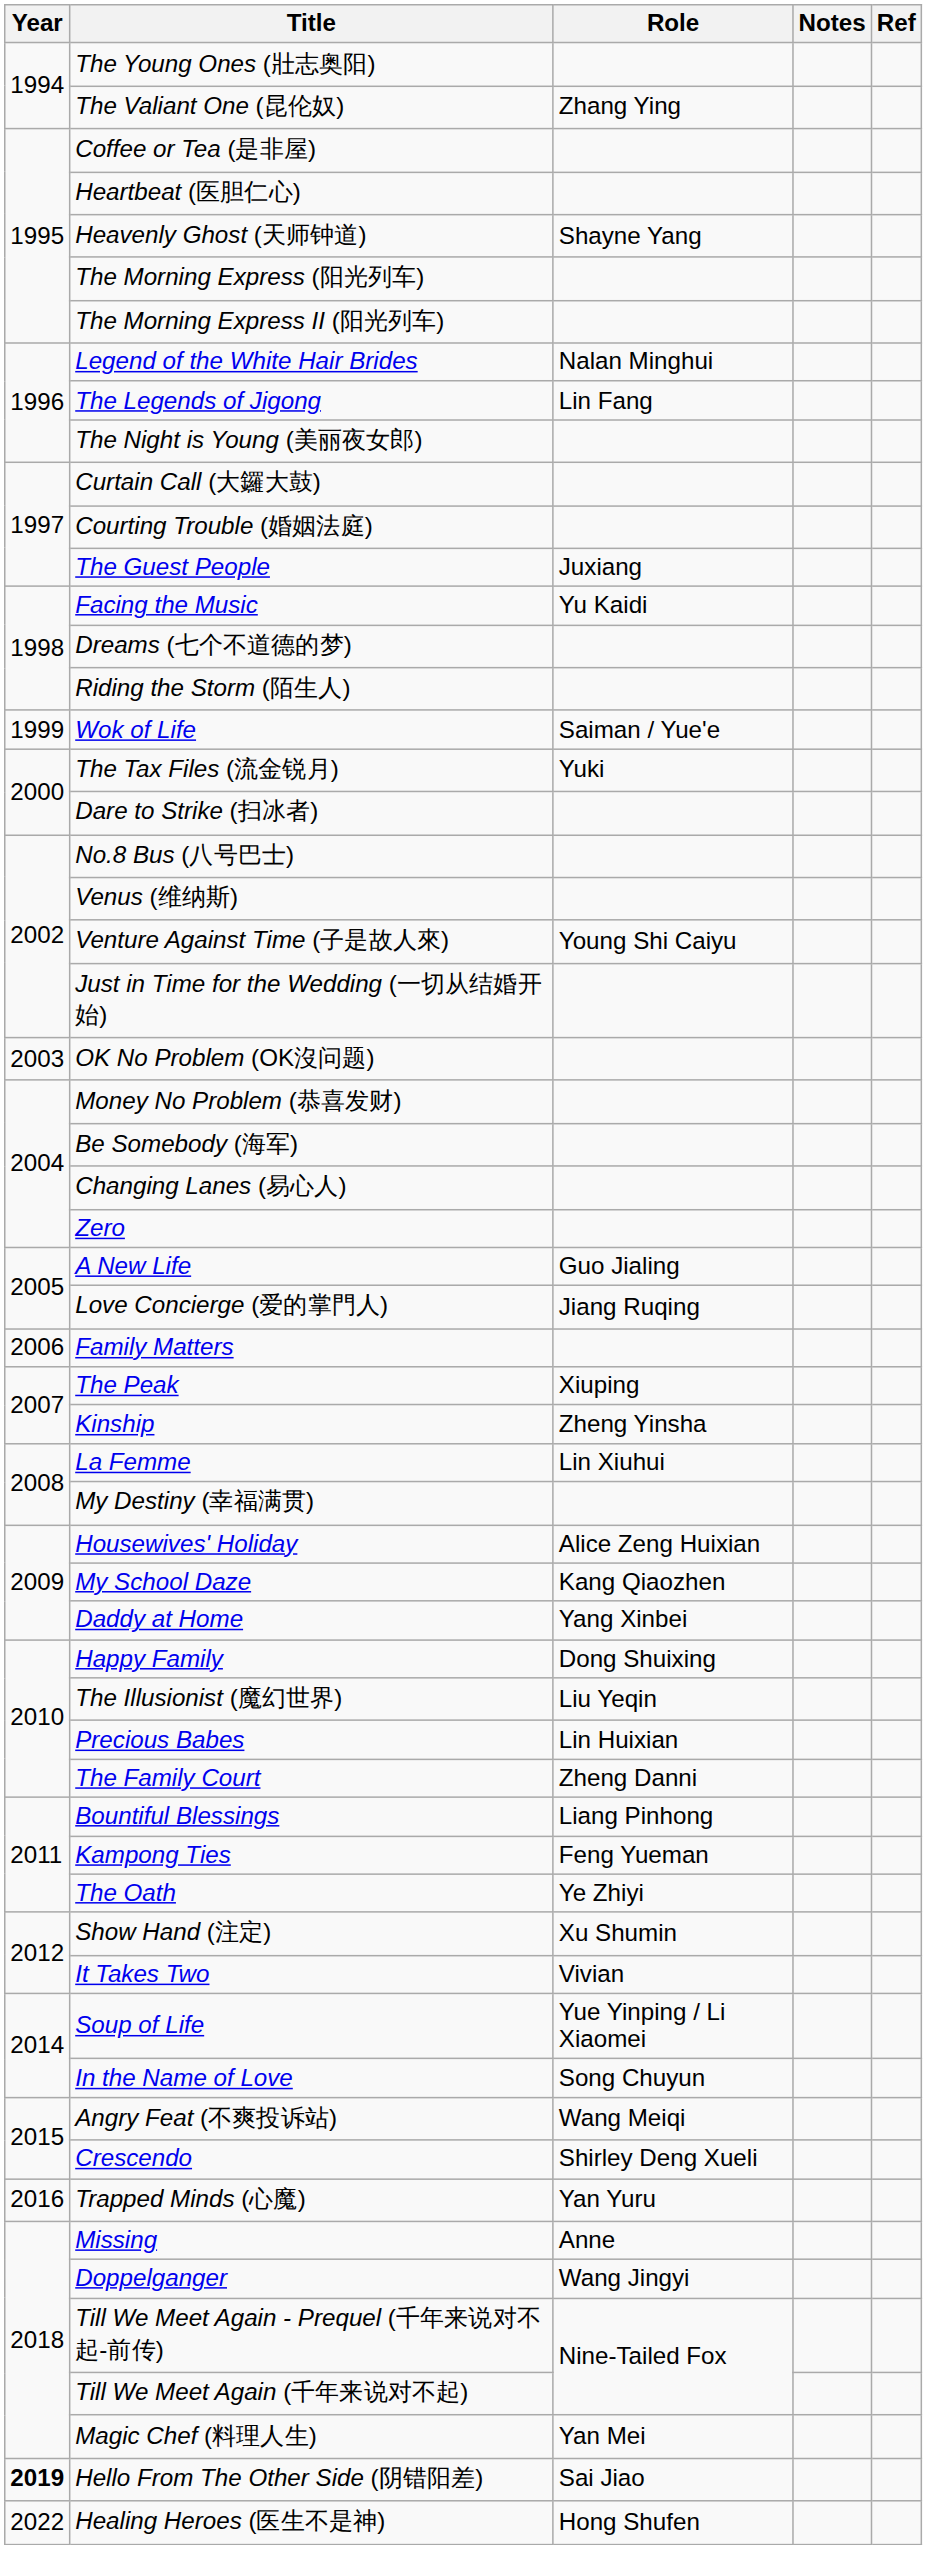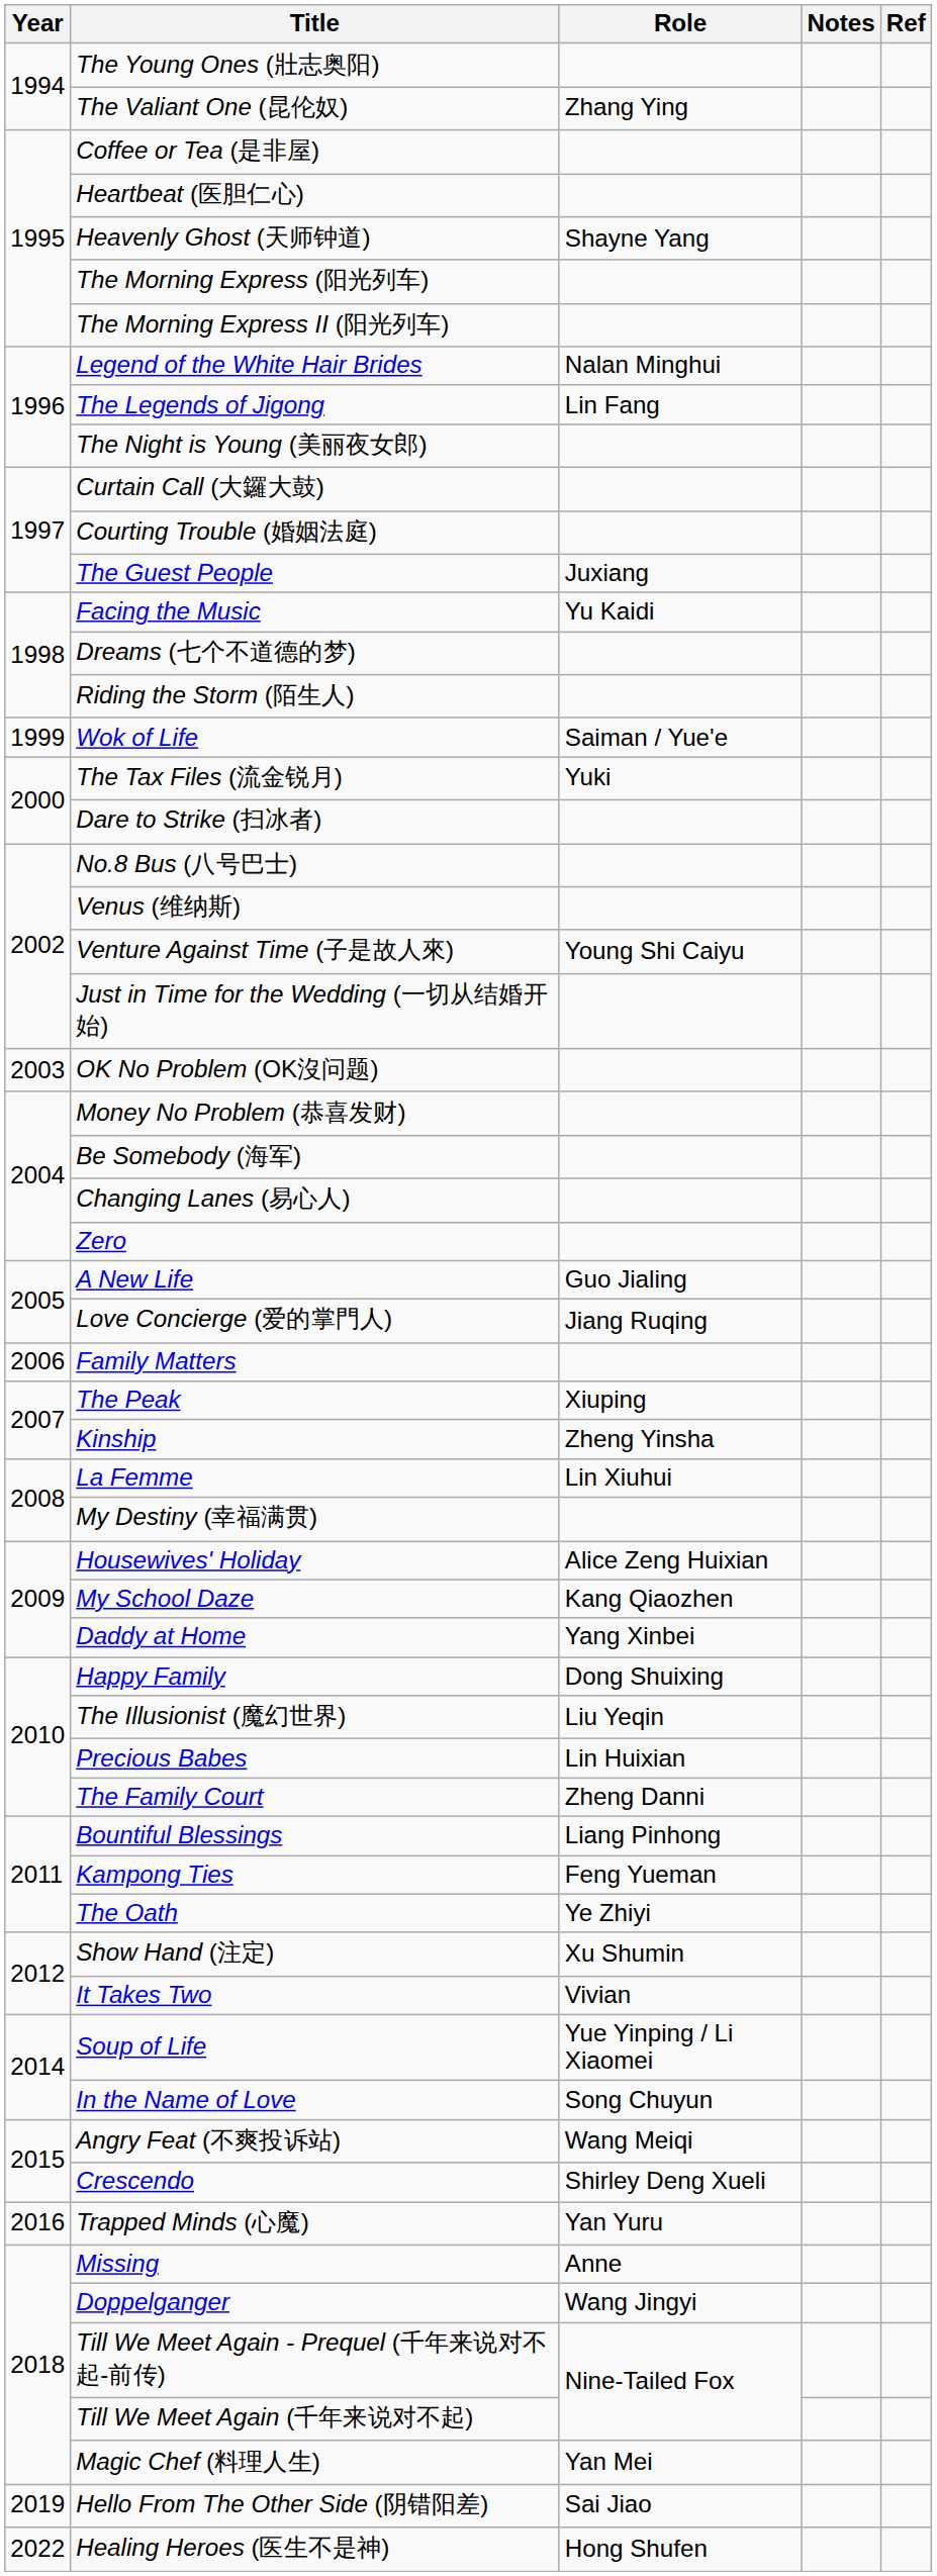 <table class="wikitable sortable">
 <tr>
 <th>Year</th>
 <th>Title</th>
 <th>Role</th>
 <th class="unsortable">Notes</th>
 <th class="unsortable">Ref</th>
 </tr>
 <tr>
 <td rowspan="2">1994</td>
 <td><em>The Young Ones</em> (壯志奥阳)</td>
 <td></td>
 <td></td>
 <td></td>
 </tr>
 <tr>
 <td><em>The Valiant One</em> (昆伦奴)</td>
 <td>Zhang Ying</td>
 <td></td>
 <td></td>
 </tr>
 <tr>
 <td rowspan="5">1995</td>
 <td><em>Coffee or Tea</em> (是非屋)</td>
 <td></td>
 <td></td>
 <td></td>
 </tr>
 <tr>
 <td><em>Heartbeat</em> (医胆仁心)</td>
 <td></td>
 <td></td>
 <td></td>
 </tr>
 <tr>
 <td><em>Heavenly Ghost</em> (天师钟道)</td>
 <td>Shayne Yang</td>
 <td></td>
 <td></td>
 </tr>
 <tr>
 <td><em>The Morning Express</em> (阳光列车)</td>
 <td></td>
 <td></td>
 <td></td>
 </tr>
 <tr>
 <td><em>The Morning Express II</em> (阳光列车)</td>
 <td></td>
 <td></td>
 <td></td>
 </tr>
 <tr>
 <td rowspan="3">1996</td>
 <td><em><a href='#'>Legend of the White Hair Brides</a></em></td>
 <td>Nalan Minghui</td>
 <td></td>
 <td></td>
 </tr>
 <tr>
 <td><em><a href='#'>The Legends of Jigong</a></em></td>
 <td>Lin Fang</td>
 <td></td>
 <td></td>
 </tr>
 <tr>
 <td><em>The Night is Young</em> (美丽夜女郎)</td>
 <td></td>
 <td></td>
 <td></td>
 </tr>
 <tr>
 <td rowspan="3">1997</td>
 <td><em>Curtain Call</em> (大鑼大鼓)</td>
 <td></td>
 <td></td>
 <td></td>
 </tr>
 <tr>
 <td><em>Courting Trouble</em> (婚姻法庭)</td>
 <td></td>
 <td></td>
 <td></td>
 </tr>
 <tr>
 <td><em><a href='#'>The Guest People</a></em></td>
 <td>Juxiang</td>
 <td></td>
 <td></td>
 </tr>
 <tr>
 <td rowspan="3">1998</td>
 <td><em><a href='#'>Facing the Music</a></em></td>
 <td>Yu Kaidi</td>
 <td></td>
 <td></td>
 </tr>
 <tr>
 <td><em>Dreams</em> (七个不道德的梦)</td>
 <td></td>
 <td></td>
 <td></td>
 </tr>
 <tr>
 <td><em>Riding the Storm</em> (陌生人)</td>
 <td></td>
 <td></td>
 <td></td>
 </tr>
 <tr>
 <td>1999</td>
 <td><em><a href='#'>Wok of Life</a></em></td>
 <td>Saiman / Yue'e</td>
 <td></td>
 <td></td>
 </tr>
 <tr>
 <td rowspan="2">2000</td>
 <td><em>The Tax Files</em> (流金锐月)</td>
 <td>Yuki</td>
 <td></td>
 <td></td>
 </tr>
 <tr>
 <td><em>Dare to Strike</em> (扫冰者)</td>
 <td></td>
 <td></td>
 <td></td>
 </tr>
 <tr>
 <td rowspan="4">2002</td>
 <td><em>No.8 Bus</em> (八号巴士)</td>
 <td></td>
 <td></td>
 <td></td>
 </tr>
 <tr>
 <td><em>Venus</em> (维纳斯)</td>
 <td></td>
 <td></td>
 <td></td>
 </tr>
 <tr>
 <td><em>Venture Against Time</em> (子是故人來)</td>
 <td>Young Shi Caiyu</td>
 <td></td>
 <td></td>
 </tr>
 <tr>
 <td><em>Just in Time for the Wedding</em> (一切从结婚开始)</td>
 <td></td>
 <td></td>
 <td></td>
 </tr>
 <tr>
 <td>2003</td>
 <td><em>OK No Problem</em> (OK沒问题)</td>
 <td></td>
 <td></td>
 <td></td>
 </tr>
 <tr>
 <td rowspan="4">2004</td>
 <td><em>Money No Problem</em> (恭喜发财)</td>
 <td></td>
 <td></td>
 <td></td>
 </tr>
 <tr>
 <td><em>Be Somebody</em> (海军)</td>
 <td></td>
 <td></td>
 <td></td>
 </tr>
 <tr>
 <td><em>Changing Lanes</em> (易心人)</td>
 <td></td>
 <td></td>
 <td></td>
 </tr>
 <tr>
 <td><em><a href='#'>Zero</a></em></td>
 <td></td>
 <td></td>
 <td></td>
 </tr>
 <tr>
 <td rowspan="2">2005</td>
 <td><em><a href='#'>A New Life</a></em></td>
 <td>Guo Jialing</td>
 <td></td>
 <td></td>
 </tr>
 <tr>
 <td><em>Love Concierge</em> (爱的掌門人)</td>
 <td>Jiang Ruqing</td>
 <td></td>
 <td></td>
 </tr>
 <tr>
 <td>2006</td>
 <td><em><a href='#'>Family Matters</a></em></td>
 <td></td>
 <td></td>
 <td></td>
 </tr>
 <tr>
 <td rowspan="2">2007</td>
 <td><em><a href='#'>The Peak</a></em></td>
 <td>Xiuping</td>
 <td></td>
 <td></td>
 </tr>
 <tr>
 <td><em><a href='#'>Kinship</a></em></td>
 <td>Zheng Yinsha</td>
 <td></td>
 <td></td>
 </tr>
 <tr>
 <td rowspan="2">2008</td>
 <td><em><a href='#'>La Femme</a></em></td>
 <td>Lin Xiuhui</td>
 <td></td>
 <td></td>
 </tr>
 <tr>
 <td><em>My Destiny</em> (幸福满贯)</td>
 <td></td>
 <td></td>
 <td></td>
 </tr>
 <tr>
 <td rowspan="3">2009</td>
 <td><em><a href='#'>Housewives' Holiday</a></em></td>
 <td>Alice Zeng Huixian</td>
 <td></td>
 <td></td>
 </tr>
 <tr>
 <td><em><a href='#'>My School Daze</a></em></td>
 <td>Kang Qiaozhen</td>
 <td></td>
 <td></td>
 </tr>
 <tr>
 <td><em><a href='#'>Daddy at Home</a></em></td>
 <td>Yang Xinbei</td>
 <td></td>
 <td></td>
 </tr>
 <tr>
 <td rowspan="4">2010</td>
 <td><em><a href='#'>Happy Family</a></em></td>
 <td>Dong Shuixing</td>
 <td></td>
 <td></td>
 </tr>
 <tr>
 <td><em>The Illusionist</em> (魔幻世界)</td>
 <td>Liu Yeqin</td>
 <td></td>
 <td></td>
 </tr>
 <tr>
 <td><em><a href='#'>Precious Babes</a></em></td>
 <td>Lin Huixian</td>
 <td></td>
 <td></td>
 </tr>
 <tr>
 <td><em><a href='#'>The Family Court</a></em></td>
 <td>Zheng Danni</td>
 <td></td>
 <td></td>
 </tr>
 <tr>
 <td rowspan="3">2011</td>
 <td><em><a href='#'>Bountiful Blessings</a></em></td>
 <td>Liang Pinhong</td>
 <td></td>
 <td></td>
 </tr>
 <tr>
 <td><em><a href='#'>Kampong Ties</a></em></td>
 <td>Feng Yueman</td>
 <td></td>
 <td></td>
 </tr>
 <tr>
 <td><em><a href='#'>The Oath</a></em></td>
 <td>Ye Zhiyi</td>
 <td></td>
 <td></td>
 </tr>
 <tr>
 <td rowspan="2">2012</td>
 <td><em>Show Hand</em> (注定)</td>
 <td>Xu Shumin</td>
 <td></td>
 <td></td>
 </tr>
 <tr>
 <td><em><a href='#'>It Takes Two</a></em></td>
 <td>Vivian</td>
 <td></td>
 <td></td>
 </tr>
 <tr>
 <td rowspan="2">2014</td>
 <td><em><a href='#'>Soup of Life</a></em></td>
 <td>Yue Yinping / Li Xiaomei</td>
 <td></td>
 <td></td>
 </tr>
 <tr>
 <td><em><a href='#'>In the Name of Love</a></em></td>
 <td>Song Chuyun</td>
 <td></td>
 <td></td>
 </tr>
 <tr>
 <td rowspan="2">2015</td>
 <td><em>Angry Feat</em> (不爽投诉站)</td>
 <td>Wang Meiqi</td>
 <td></td>
 <td></td>
 </tr>
 <tr>
 <td><em><a href='#'>Crescendo</a></em></td>
 <td>Shirley Deng Xueli</td>
 <td></td>
 <td></td>
 </tr>
 <tr>
 <td>2016</td>
 <td><em>Trapped Minds</em> (心魔)</td>
 <td>Yan Yuru</td>
 <td></td>
 <td></td>
 </tr>
 <tr>
 <td rowspan="5">2018</td>
 <td><em><a href='#'>Missing</a></em></td>
 <td>Anne</td>
 <td></td>
 <td></td>
 </tr>
 <tr>
 <td><em><a href='#'>Doppelganger</a></em></td>
 <td>Wang Jingyi</td>
 <td></td>
 <td></td>
 </tr>
 <tr>
 <td><em>Till We Meet Again - Prequel</em> (千年来说对不起-前传)</td>
 <td rowspan="2">Nine-Tailed Fox</td>
 <td></td>
 <td></td>
 </tr>
 <tr>
 <td><em>Till We Meet Again</em> (千年来说对不起)</td>
 <td></td>
 <td></td>
 </tr>
 <tr>
 <td><em>Magic Chef</em> (料理人生)</td>
 <td>Yan Mei</td>
 <td></td>
 <td></td>
 </tr>
 <tr>
-<td rowspan="1"><strong>2019</strong></td>
+<td rowspan="1">2019</td>
 <td><em>Hello From The Other Side</em> (阴错阳差)</td>
 <td>Sai Jiao</td>
 <td></td>
 <td></td>
 </tr>
 <tr>
 <td>2022</td>
 <td><em>Healing Heroes</em> (医生不是神)</td>
 <td>Hong Shufen</td>
 <td></td>
 <td></td>
 </tr>
 </table>
